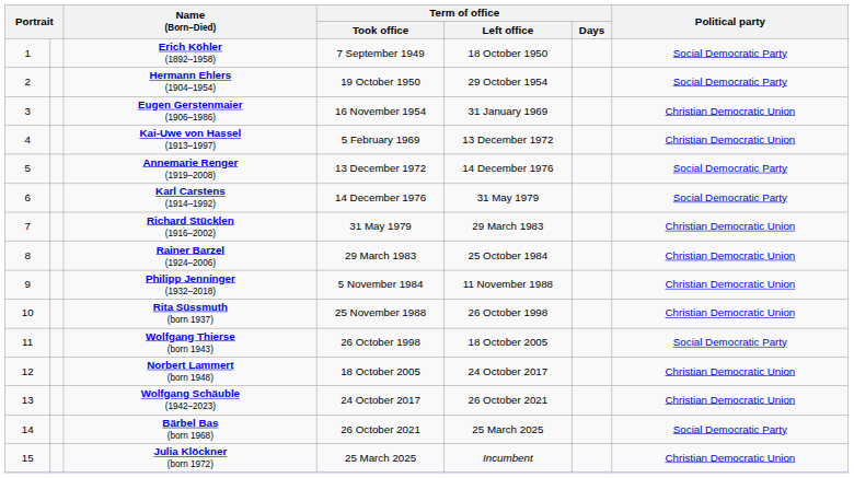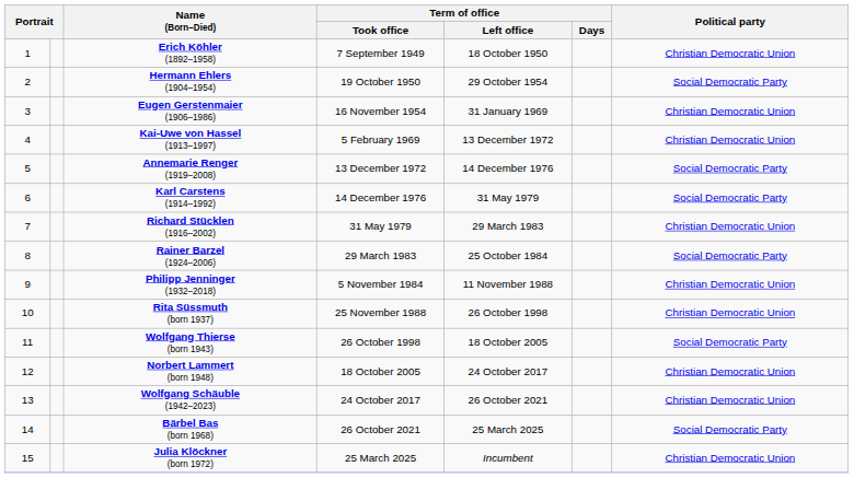 <table class="wikitable" style="text-align:center; width:100%; border:1px #AAAAFF solid">
 <tr>
 <th width=80px rowspan=2 colspan=2>Portrait</th>
 <th width=30% rowspan=2>Name<br><small>(Born–Died)</small></th>
 <th width=35% colspan=3>Term of office</th>
 <th width=28% rowspan=2>Political party</th>
 </tr>
 <tr>
 <th>Took office</th>
 <th>Left office</th>
 <th>Days</th>
 </tr>
 <tr>
 <td style="background:">1</td>
 <td></td>
 <td><strong><a href='#'>Erich Köhler</a></strong><br><small>(1892–1958)</small></td>
 <td>7 September 1949</td>
 <td>18 October 1950</td>
 <td></td>
-<td><a href='#'>Social Democratic Party</a></td>
+<td><a href='#'>Christian Democratic Union</a></td>
 </tr>
 <tr>
 <td style="background:">2</td>
 <td></td>
 <td><strong><a href='#'>Hermann Ehlers</a></strong><br><small>(1904–1954)</small></td>
 <td>19 October 1950</td>
 <td>29 October 1954</td>
 <td></td>
 <td><a href='#'>Social Democratic Party</a></td>
 </tr>
 <tr>
 <td style="background:">3</td>
 <td></td>
 <td><strong><a href='#'>Eugen Gerstenmaier</a></strong><br><small>(1906–1986)</small></td>
 <td>16 November 1954</td>
 <td>31 January 1969</td>
 <td></td>
 <td><a href='#'>Christian Democratic Union</a></td>
 </tr>
 <tr>
 <td style="background:">4</td>
 <td></td>
 <td><strong><a href='#'>Kai-Uwe von Hassel</a></strong><br><small>(1913–1997)</small></td>
 <td>5 February 1969</td>
 <td>13 December 1972</td>
 <td></td>
 <td><a href='#'>Christian Democratic Union</a></td>
 </tr>
 <tr>
 <td style="background:">5</td>
 <td></td>
 <td><strong><a href='#'>Annemarie Renger</a></strong><br><small>(1919–2008)</small></td>
 <td>13 December 1972</td>
 <td>14 December 1976</td>
 <td></td>
 <td><a href='#'>Social Democratic Party</a></td>
 </tr>
 <tr>
 <td style="background:">6</td>
 <td></td>
 <td><strong><a href='#'>Karl Carstens</a></strong><br><small>(1914–1992)</small></td>
 <td>14 December 1976</td>
 <td>31 May 1979</td>
 <td></td>
 <td><a href='#'>Social Democratic Party</a></td>
 </tr>
 <tr>
 <td style="background:">7</td>
 <td></td>
 <td><strong><a href='#'>Richard Stücklen</a></strong><br><small>(1916–2002)</small></td>
 <td>31 May 1979</td>
 <td>29 March 1983</td>
 <td></td>
 <td><a href='#'>Christian Democratic Union</a></td>
 </tr>
 <tr>
 <td style="background:">8</td>
 <td></td>
 <td><strong><a href='#'>Rainer Barzel</a></strong><br><small>(1924–2006)</small></td>
 <td>29 March 1983</td>
 <td>25 October 1984</td>
 <td></td>
-<td><a href='#'>Christian Democratic Union</a></td>
+<td><a href='#'>Social Democratic Party</a></td>
 </tr>
 <tr>
 <td style="background:">9</td>
 <td></td>
 <td><strong><a href='#'>Philipp Jenninger</a></strong><br><small>(1932–2018)</small></td>
 <td>5 November 1984</td>
 <td>11 November 1988</td>
 <td></td>
 <td><a href='#'>Christian Democratic Union</a></td>
 </tr>
 <tr>
 <td style="background:">10</td>
 <td></td>
 <td><strong><a href='#'>Rita Süssmuth</a></strong><br><small>(born 1937)</small></td>
 <td>25 November 1988</td>
 <td>26 October 1998</td>
 <td></td>
 <td><a href='#'>Christian Democratic Union</a></td>
 </tr>
 <tr>
 <td style="background:">11</td>
 <td></td>
 <td><strong><a href='#'>Wolfgang Thierse</a></strong><br><small>(born 1943)</small></td>
 <td>26 October 1998</td>
 <td>18 October 2005</td>
 <td></td>
 <td><a href='#'>Social Democratic Party</a></td>
 </tr>
 <tr>
 <td style="background:">12</td>
 <td></td>
 <td><strong><a href='#'>Norbert Lammert</a></strong><br><small>(born 1948)</small></td>
 <td>18 October 2005</td>
 <td>24 October 2017</td>
 <td></td>
 <td><a href='#'>Christian Democratic Union</a></td>
 </tr>
 <tr>
 <td style="background:">13</td>
 <td></td>
 <td><strong><a href='#'>Wolfgang Schäuble</a></strong><br><small>(1942–2023)</small></td>
 <td>24 October 2017</td>
 <td>26 October 2021</td>
 <td></td>
 <td><a href='#'>Christian Democratic Union</a></td>
 </tr>
 <tr>
 <td style="background:">14</td>
 <td></td>
 <td><strong><a href='#'>Bärbel Bas</a></strong><br><small>(born 1968)</small></td>
 <td>26 October 2021</td>
 <td>25 March 2025</td>
 <td></td>
 <td><a href='#'>Social Democratic Party</a></td>
 </tr>
 <tr>
 <td style="background:">15</td>
 <td></td>
 <td><strong><a href='#'>Julia Klöckner</a></strong><br><small>(born 1972)</small></td>
 <td>25 March 2025</td>
 <td><em>Incumbent</em></td>
 <td></td>
 <td><a href='#'>Christian Democratic Union</a></td>
 </tr>
 <tr>
 </tr>
 </table>
